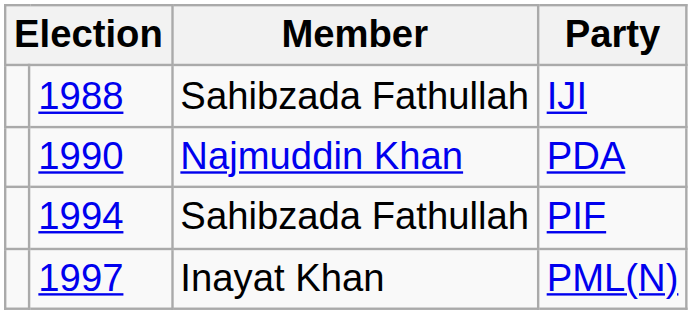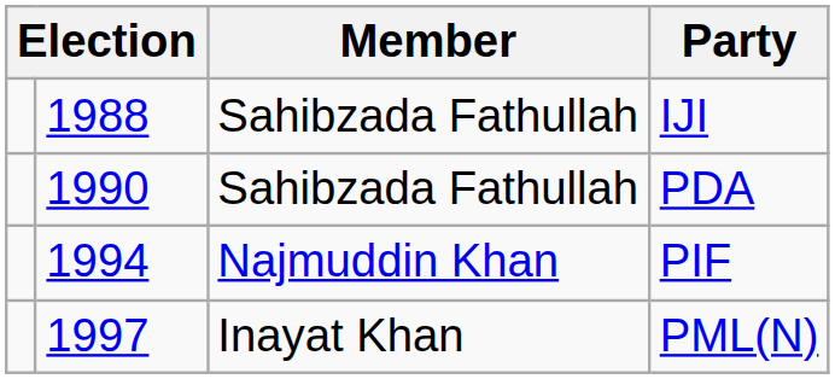 <table class="wikitable">
 <tr>
 <th colspan="2">Election</th>
 <th>Member</th>
 <th>Party</th>
 </tr>
 <tr>
 <td style="background-color: "></td>
 <td><a href='#'>1988</a></td>
 <td>Sahibzada Fathullah</td>
 <td><a href='#'>IJI</a></td>
 </tr>
 <tr>
 <td style="background-color: "></td>
 <td><a href='#'>1990</a></td>
-<td><a href='#'>Najmuddin Khan</a></td>
+<td>Sahibzada Fathullah</td>
 <td><a href='#'>PDA</a></td>
 </tr>
 <tr>
 <td style="background-color: "></td>
 <td><a href='#'>1994</a></td>
-<td>Sahibzada Fathullah</td>
+<td><a href='#'>Najmuddin Khan</a></td>
 <td><a href='#'>PIF</a></td>
 </tr>
 <tr>
 <td style="background-color: "></td>
 <td><a href='#'>1997</a></td>
 <td>Inayat Khan</td>
 <td><a href='#'>PML(N)</a></td>
 </tr>
 </table>
